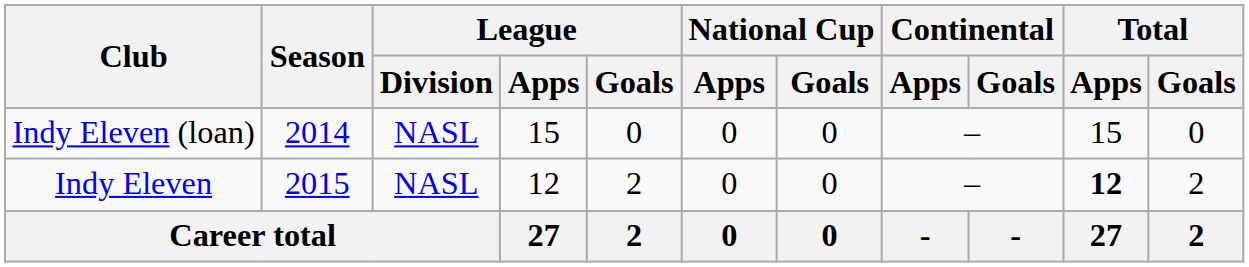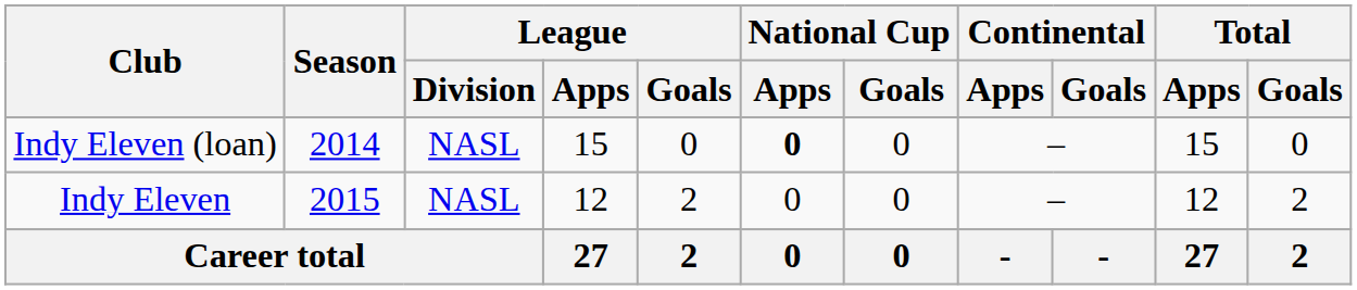 <table class="wikitable" style="text-align: center;">
 <tr>
 <th rowspan="2">Club</th>
 <th rowspan="2">Season</th>
 <th colspan="3">League</th>
 <th colspan="2">National Cup</th>
 <th colspan="2">Continental</th>
 <th colspan="2">Total</th>
 </tr>
 <tr>
 <th>Division</th>
 <th>Apps</th>
 <th>Goals</th>
 <th>Apps</th>
 <th>Goals</th>
 <th>Apps</th>
 <th>Goals</th>
 <th>Apps</th>
 <th>Goals</th>
 </tr>
 <tr>
 <td valign="center"><a href='#'>Indy Eleven</a> (loan)</td>
 <td><a href='#'>2014</a></td>
 <td><a href='#'>NASL</a></td>
 <td>15</td>
 <td>0</td>
-<td>0</td>
+<td><strong>0</strong></td>
 <td>0</td>
 <td colspan="2">–</td>
 <td>15</td>
 <td>0</td>
 </tr>
 <tr>
 <td valign="center"><a href='#'>Indy Eleven</a></td>
 <td><a href='#'>2015</a></td>
 <td><a href='#'>NASL</a></td>
 <td>12</td>
 <td>2</td>
 <td>0</td>
 <td>0</td>
 <td colspan="2">–</td>
-<td><strong>12</strong></td>
+<td>12</td>
 <td>2</td>
 </tr>
 <tr>
 <th colspan="3">Career total</th>
 <th>27</th>
 <th>2</th>
 <th>0</th>
 <th>0</th>
 <th>-</th>
 <th>-</th>
 <th>27</th>
 <th>2</th>
 </tr>
 </table>
